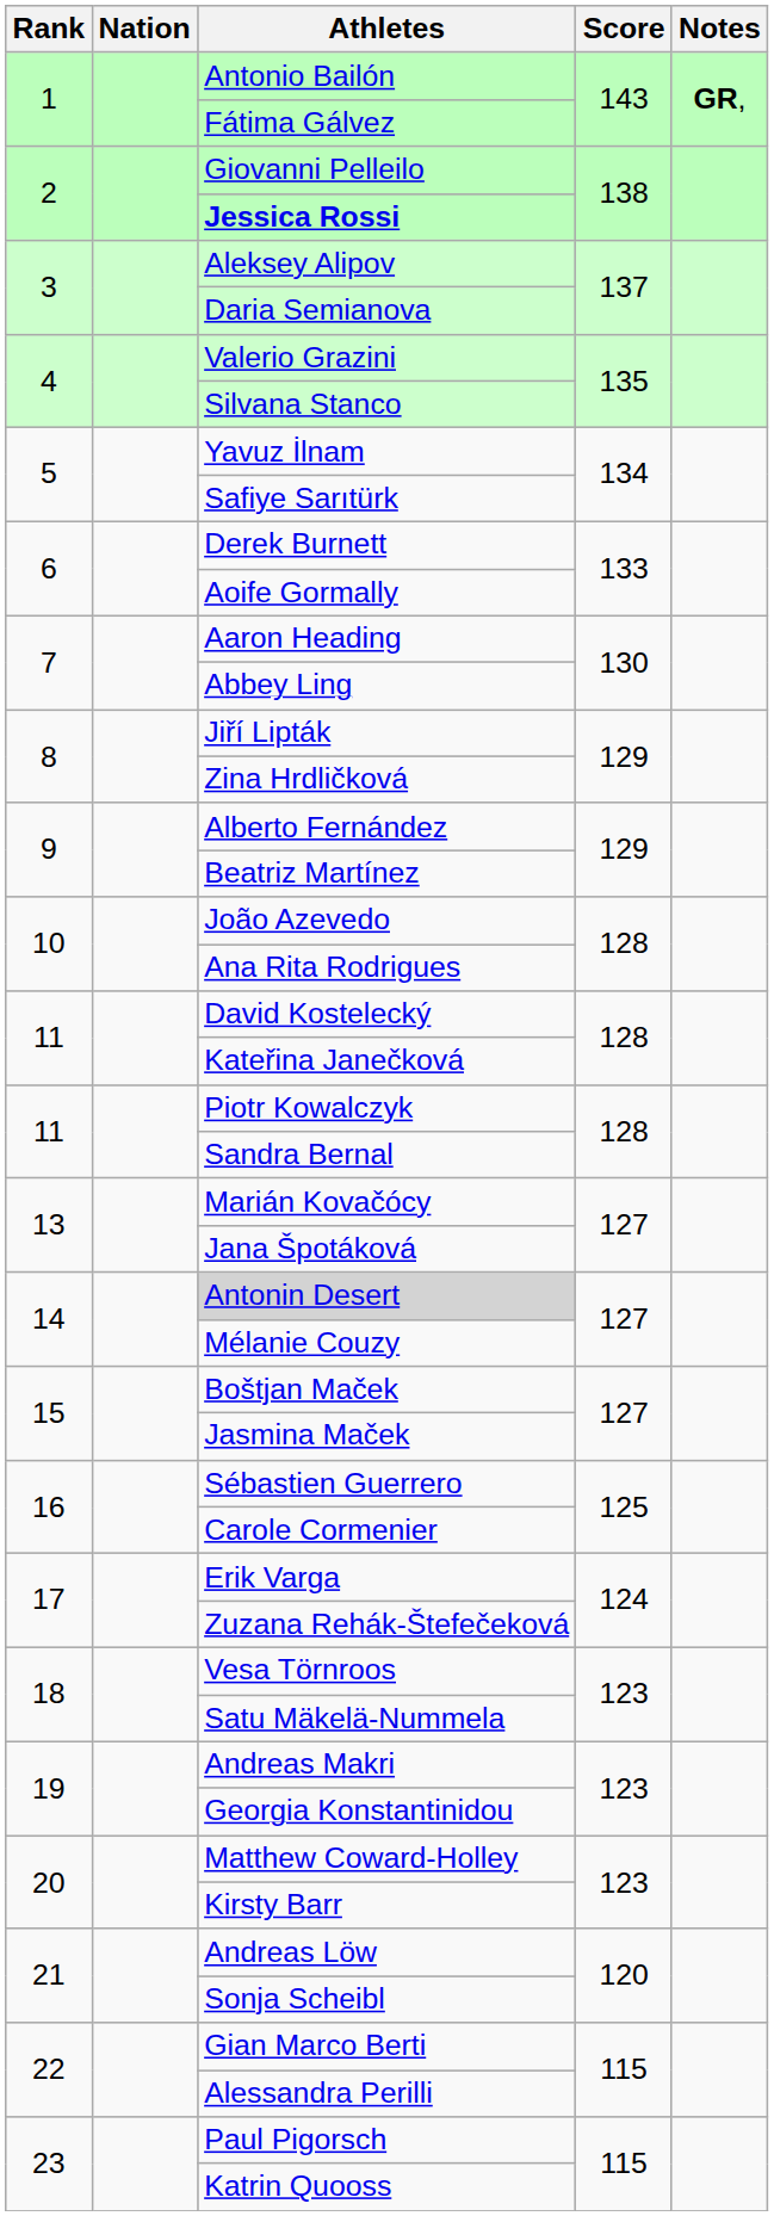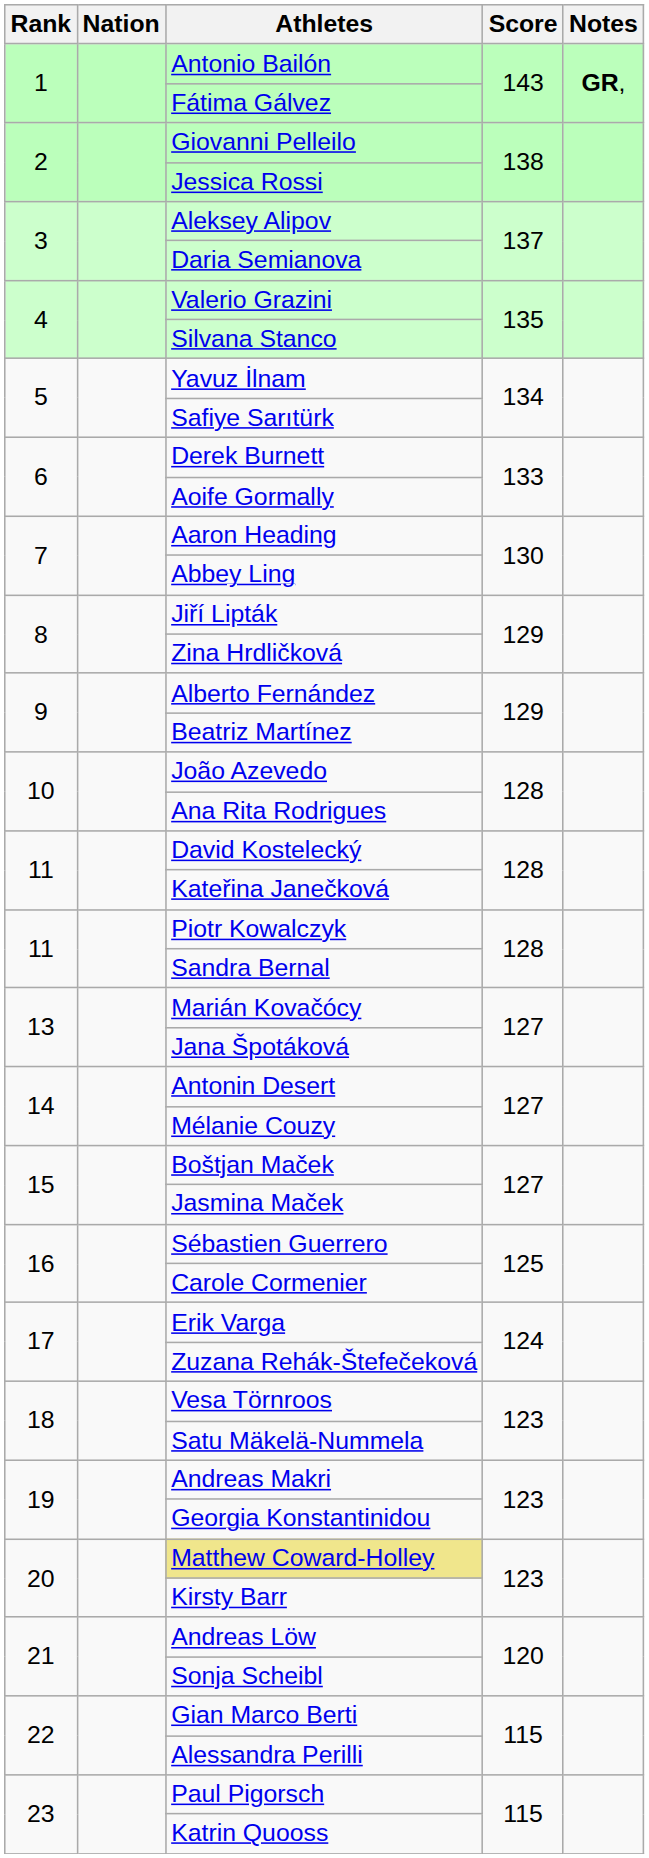 <table class="wikitable sortable" style="text-align:center">
 <tr>
 <th>Rank</th>
 <th>Nation</th>
 <th>Athletes</th>
 <th>Score</th>
 <th>Notes</th>
 </tr>
 <tr bgcolor="#bbffbb">
 <td rowspan=2>1</td>
 <td align=left rowspan=2></td>
 <td align=left><a href='#'>Antonio Bailón</a></td>
 <td rowspan=2>143</td>
 <td rowspan=2><strong>GR</strong>, </td>
 </tr>
 <tr bgcolor="#bbffbb">
 <td align=left><a href='#'>Fátima Gálvez</a></td>
 </tr>
 <tr bgcolor="#bbffbb">
 <td rowspan=2>2</td>
 <td align=left rowspan=2></td>
 <td align=left><a href='#'>Giovanni Pelleilo</a></td>
 <td rowspan=2>138</td>
 <td rowspan=2></td>
 </tr>
 <tr bgcolor="#bbffbb">
-<td align=left><strong><a href='#'>Jessica Rossi</a></strong></td>
+<td align=left><a href='#'>Jessica Rossi</a></td>
 </tr>
 <tr bgcolor="#ccffcc">
 <td rowspan=2>3</td>
 <td align=left rowspan=2></td>
 <td align=left><a href='#'>Aleksey Alipov</a></td>
 <td rowspan=2>137</td>
 <td rowspan=2></td>
 </tr>
 <tr bgcolor="#ccffcc">
 <td align=left><a href='#'>Daria Semianova</a></td>
 </tr>
 <tr bgcolor="#ccffcc">
 <td rowspan=2>4</td>
 <td align=left rowspan=2></td>
 <td align=left><a href='#'>Valerio Grazini</a></td>
 <td rowspan=2>135</td>
 <td rowspan=2></td>
 </tr>
 <tr bgcolor="#ccffcc">
 <td align=left><a href='#'>Silvana Stanco</a></td>
 </tr>
 <tr>
 <td rowspan=2>5</td>
 <td align=left rowspan=2></td>
 <td align=left><a href='#'>Yavuz İlnam</a></td>
 <td rowspan=2>134</td>
 <td rowspan=2></td>
 </tr>
 <tr>
 <td align=left><a href='#'>Safiye Sarıtürk</a></td>
 </tr>
 <tr>
 <td rowspan=2>6</td>
 <td align=left rowspan=2></td>
 <td align=left><a href='#'>Derek Burnett</a></td>
 <td rowspan=2>133</td>
 <td rowspan=2></td>
 </tr>
 <tr>
 <td align=left><a href='#'>Aoife Gormally</a></td>
 </tr>
 <tr>
 <td rowspan=2>7</td>
 <td align=left rowspan=2></td>
 <td align=left><a href='#'>Aaron Heading</a></td>
 <td rowspan=2>130</td>
 <td rowspan=2></td>
 </tr>
 <tr>
 <td align=left><a href='#'>Abbey Ling</a></td>
 </tr>
 <tr>
 <td rowspan=2>8</td>
 <td align=left rowspan=2></td>
 <td align=left><a href='#'>Jiří Lipták</a></td>
 <td rowspan=2>129</td>
 <td rowspan=2></td>
 </tr>
 <tr>
 <td align=left><a href='#'>Zina Hrdličková</a></td>
 </tr>
 <tr>
 <td rowspan=2>9</td>
 <td align=left rowspan=2></td>
 <td align=left><a href='#'>Alberto Fernández</a></td>
 <td rowspan=2>129</td>
 <td rowspan=2></td>
 </tr>
 <tr>
 <td align=left><a href='#'>Beatriz Martínez</a></td>
 </tr>
 <tr>
 <td rowspan=2>10</td>
 <td align=left rowspan=2></td>
 <td align=left><a href='#'>João Azevedo</a></td>
 <td rowspan=2>128</td>
 <td rowspan=2></td>
 </tr>
 <tr>
 <td align=left><a href='#'>Ana Rita Rodrigues</a></td>
 </tr>
 <tr>
 <td rowspan=2>11</td>
 <td align=left rowspan=2></td>
 <td align=left><a href='#'>David Kostelecký</a></td>
 <td rowspan=2>128</td>
 <td rowspan=2></td>
 </tr>
 <tr>
 <td align=left><a href='#'>Kateřina Janečková</a></td>
 </tr>
 <tr>
 <td rowspan=2>11</td>
 <td align=left rowspan=2></td>
 <td align=left><a href='#'>Piotr Kowalczyk</a></td>
 <td rowspan=2>128</td>
 <td rowspan=2></td>
 </tr>
 <tr>
 <td align=left><a href='#'>Sandra Bernal</a></td>
 </tr>
 <tr>
 <td rowspan=2>13</td>
 <td align=left rowspan=2></td>
 <td align=left><a href='#'>Marián Kovačócy</a></td>
 <td rowspan=2>127</td>
 <td rowspan=2></td>
 </tr>
 <tr>
 <td align=left><a href='#'>Jana Špotáková</a></td>
 </tr>
 <tr>
 <td rowspan=2>14</td>
 <td align=left rowspan=2></td>
-<td align=left style="background: lightgrey;"><a href='#'>Antonin Desert</a></td>
+<td align=left><a href='#'>Antonin Desert</a></td>
 <td rowspan=2>127</td>
 <td rowspan=2></td>
 </tr>
 <tr>
 <td align=left><a href='#'>Mélanie Couzy</a></td>
 </tr>
 <tr>
 <td rowspan=2>15</td>
 <td align=left rowspan=2></td>
 <td align=left><a href='#'>Boštjan Maček</a></td>
 <td rowspan=2>127</td>
 <td rowspan=2></td>
 </tr>
 <tr>
 <td align=left><a href='#'>Jasmina Maček</a></td>
 </tr>
 <tr>
 <td rowspan=2>16</td>
 <td align=left rowspan=2></td>
 <td align=left><a href='#'>Sébastien Guerrero</a></td>
 <td rowspan=2>125</td>
 <td rowspan=2></td>
 </tr>
 <tr>
 <td align=left><a href='#'>Carole Cormenier</a></td>
 </tr>
 <tr>
 <td rowspan=2>17</td>
 <td align=left rowspan=2></td>
 <td align=left><a href='#'>Erik Varga</a></td>
 <td rowspan=2>124</td>
 <td rowspan=2></td>
 </tr>
 <tr>
 <td align=left><a href='#'>Zuzana Rehák-Štefečeková</a></td>
 </tr>
 <tr>
 <td rowspan=2>18</td>
 <td align=left rowspan=2></td>
 <td align=left><a href='#'>Vesa Törnroos</a></td>
 <td rowspan=2>123</td>
 <td rowspan=2></td>
 </tr>
 <tr>
 <td align=left><a href='#'>Satu Mäkelä-Nummela</a></td>
 </tr>
 <tr>
 <td rowspan=2>19</td>
 <td align=left rowspan=2></td>
 <td align=left><a href='#'>Andreas Makri</a></td>
 <td rowspan=2>123</td>
 <td rowspan=2></td>
 </tr>
 <tr>
 <td align=left><a href='#'>Georgia Konstantinidou</a></td>
 </tr>
 <tr>
 <td rowspan=2>20</td>
 <td align=left rowspan=2></td>
-<td align=left><a href='#'>Matthew Coward-Holley</a></td>
+<td align=left style="background: khaki;"><a href='#'>Matthew Coward-Holley</a></td>
 <td rowspan=2>123</td>
 <td rowspan=2></td>
 </tr>
 <tr>
 <td align=left><a href='#'>Kirsty Barr</a></td>
 </tr>
 <tr>
 <td rowspan=2>21</td>
 <td align=left rowspan=2></td>
 <td align=left><a href='#'>Andreas Löw</a></td>
 <td rowspan=2>120</td>
 <td rowspan=2></td>
 </tr>
 <tr>
 <td align=left><a href='#'>Sonja Scheibl</a></td>
 </tr>
 <tr>
 <td rowspan=2>22</td>
 <td align=left rowspan=2></td>
 <td align=left><a href='#'>Gian Marco Berti</a></td>
 <td rowspan=2>115</td>
 <td rowspan=2></td>
 </tr>
 <tr>
 <td align=left><a href='#'>Alessandra Perilli</a></td>
 </tr>
 <tr>
 <td rowspan=2>23</td>
 <td align=left rowspan=2></td>
 <td align=left><a href='#'>Paul Pigorsch</a></td>
 <td rowspan=2>115</td>
 <td rowspan=2></td>
 </tr>
 <tr>
 <td align=left><a href='#'>Katrin Quooss</a></td>
 </tr>
 </table>
